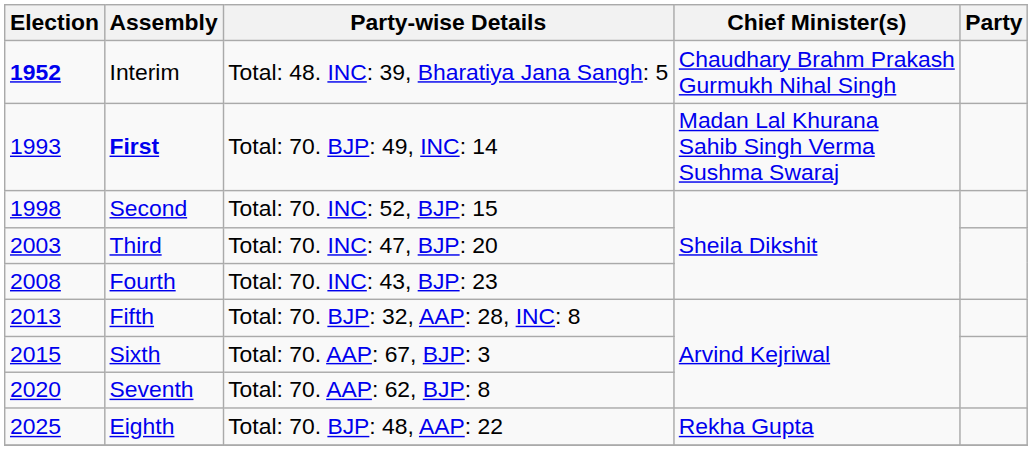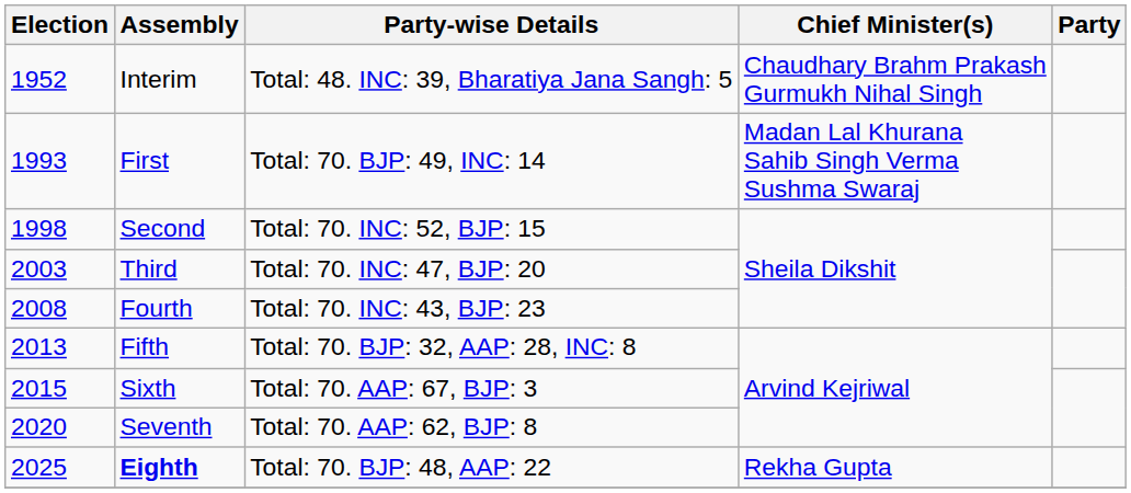 <table class="wikitable sortable">
 <tr>
 <th>Election</th>
 <th>Assembly</th>
 <th class=unsortable>Party-wise Details</th>
 <th>Chief Minister(s)</th>
 <th colspan="2">Party</th>
 </tr>
 <tr>
-<td><strong><a href='#'>1952</a></strong></td>
+<td><a href='#'>1952</a></td>
 <td>Interim</td>
 <td>Total: 48. <a href='#'>INC</a>: 39, <a href='#'>Bharatiya Jana Sangh</a>: 5</td>
 <td><a href='#'>Chaudhary Brahm Prakash</a>  <br> <a href='#'>Gurmukh Nihal Singh</a></td>
 <td></td>
 </tr>
 <tr>
 <td><a href='#'>1993</a></td>
-<td><strong><a href='#'>First</a></strong></td>
+<td><a href='#'>First</a></td>
 <td>Total: 70. <a href='#'>BJP</a>: 49, <a href='#'>INC</a>: 14</td>
 <td><a href='#'>Madan Lal Khurana</a> <br> <a href='#'>Sahib Singh Verma</a> <br> <a href='#'>Sushma Swaraj</a></td>
 <td></td>
 </tr>
 <tr --->
 <td><a href='#'>1998</a></td>
 <td><a href='#'>Second</a></td>
 <td>Total: 70. <a href='#'>INC</a>: 52, <a href='#'>BJP</a>: 15</td>
 <td rowspan="3"><a href='#'>Sheila Dikshit</a></td>
 <td></td>
 </tr>
 <tr --->
 <td><a href='#'>2003</a></td>
 <td><a href='#'>Third</a></td>
 <td>Total: 70. <a href='#'>INC</a>: 47, <a href='#'>BJP</a>: 20</td>
 </tr>
 <tr --->
 <td><a href='#'>2008</a></td>
 <td><a href='#'>Fourth</a></td>
 <td>Total: 70. <a href='#'>INC</a>: 43, <a href='#'>BJP</a>: 23</td>
 </tr>
 <tr>
 <td><a href='#'>2013</a></td>
 <td><a href='#'>Fifth</a></td>
 <td>Total: 70. <a href='#'>BJP</a>: 32, <a href='#'>AAP</a>: 28, <a href='#'>INC</a>: 8</td>
 <td rowspan="3"><a href='#'>Arvind Kejriwal</a></td>
 <td></td>
 </tr>
 <tr>
 <td><a href='#'>2015</a></td>
 <td><a href='#'>Sixth</a></td>
 <td>Total: 70. <a href='#'>AAP</a>: 67, <a href='#'>BJP</a>: 3</td>
 </tr>
 <tr>
 <td><a href='#'>2020</a></td>
 <td><a href='#'>Seventh</a></td>
 <td>Total: 70. <a href='#'>AAP</a>: 62, <a href='#'>BJP</a>: 8</td>
 </tr>
 <tr>
 <td><a href='#'>2025</a></td>
-<td><a href='#'>Eighth</a></td>
+<td><strong><a href='#'>Eighth</a></strong></td>
 <td>Total: 70. <a href='#'>BJP</a>: 48, <a href='#'>AAP</a>: 22</td>
 <td><a href='#'>Rekha Gupta</a></td>
 <td></td>
 </tr>
 <tr>
 </tr>
 </table>
